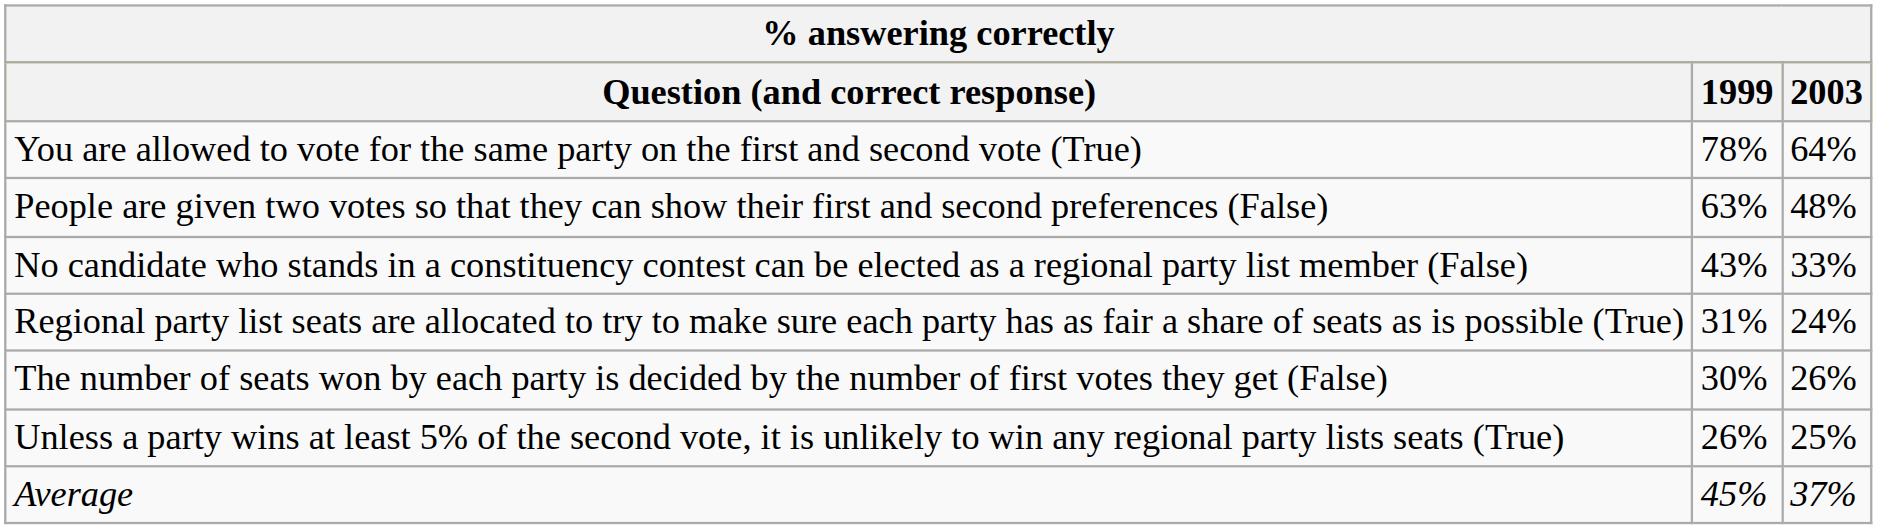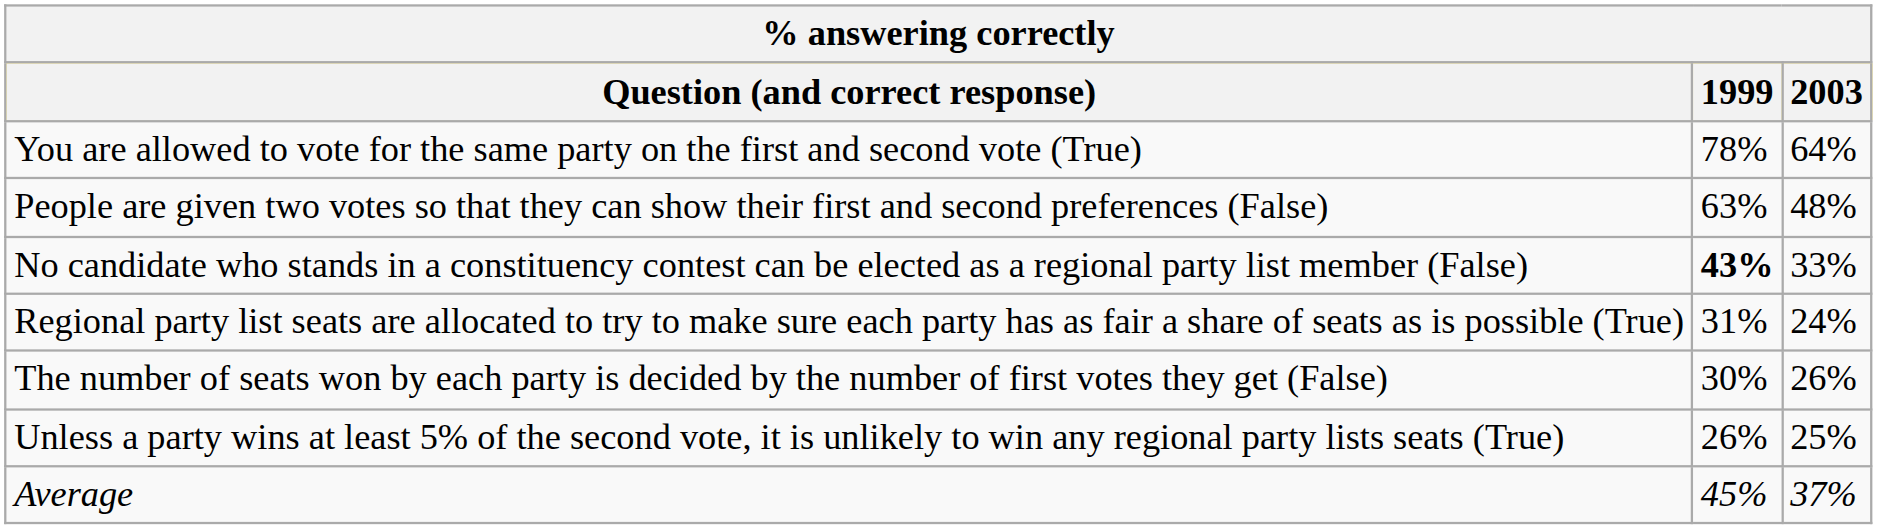 <table class="wikitable" style="float: right; margin-left: 1.4em">
 <tr>
 <th colspan="3">% answering correctly</th>
 </tr>
 <tr style="background-color:#ffd700;text-align:left;">
 <th>Question (and correct response)</th>
 <th>1999</th>
 <th>2003</th>
 </tr>
 <tr valign=top>
 <td>You are allowed to vote for the same party on the first and second vote (True)</td>
 <td>78%</td>
 <td>64%</td>
 </tr>
 <tr>
 <td>People are given two votes so that they can show their first and second preferences (False)</td>
 <td>63%</td>
 <td>48%</td>
 </tr>
 <tr>
 <td>No candidate who stands in a constituency contest can be elected as a regional party list member (False)</td>
-<td>43%</td>
+<td><strong>43%</strong></td>
 <td>33%</td>
 </tr>
 <tr>
 <td>Regional party list seats are allocated to try to make sure each party has as fair a share of seats as is possible (True)</td>
 <td>31%</td>
 <td>24%</td>
 </tr>
 <tr>
 <td>The number of seats won by each party is decided by the number of first votes they get (False)</td>
 <td>30%</td>
 <td>26%</td>
 </tr>
 <tr>
 <td>Unless a party wins at least 5% of the second vote, it is unlikely to win any regional party lists seats (True)</td>
 <td>26%</td>
 <td>25%</td>
 </tr>
 <tr>
 <td><em>Average</em></td>
 <td><em>45%</em></td>
 <td><em>37%</em></td>
 </tr>
 </table>
